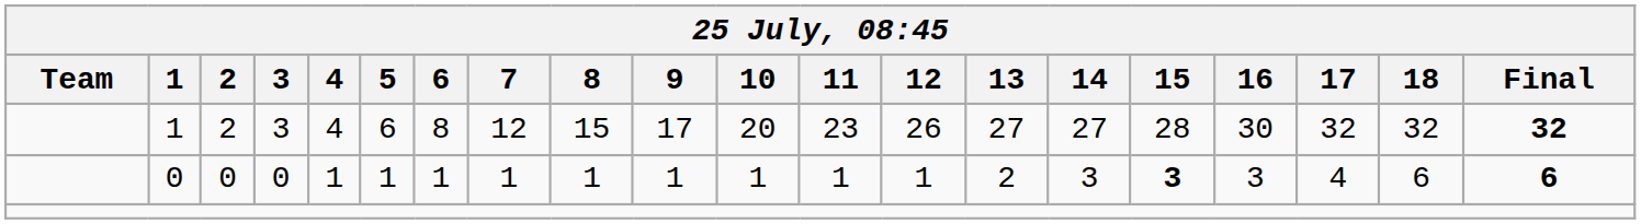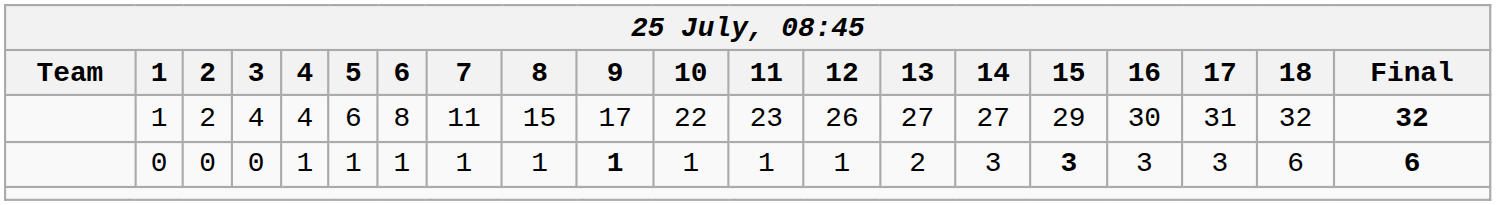 <table class=wikitable style="text-align:center; width: 55%">
 <tr>
 <th colspan=20><em>25 July, 08:45</em></th>
 </tr>
 <tr>
 <th>Team</th>
 <th>1</th>
 <th>2</th>
 <th>3</th>
 <th>4</th>
 <th>5</th>
 <th>6</th>
 <th>7</th>
 <th>8</th>
 <th>9</th>
 <th>10</th>
 <th>11</th>
 <th>12</th>
 <th>13</th>
 <th>14</th>
 <th>15</th>
 <th>16</th>
 <th>17</th>
 <th>18</th>
 <th>Final</th>
 </tr>
 <tr>
 <td align=left><strong></strong></td>
 <td>1</td>
 <td>2</td>
-<td>3</td>
+<td>4</td>
 <td>4</td>
 <td>6</td>
 <td>8</td>
-<td>12</td>
+<td>11</td>
 <td>15</td>
 <td>17</td>
-<td>20</td>
+<td>22</td>
 <td>23</td>
 <td>26</td>
 <td>27</td>
 <td>27</td>
-<td>28</td>
+<td>29</td>
 <td>30</td>
-<td>32</td>
+<td>31</td>
 <td>32</td>
 <td><strong>32</strong></td>
 </tr>
 <tr>
 <td align=left></td>
 <td>0</td>
 <td>0</td>
 <td>0</td>
 <td>1</td>
 <td>1</td>
 <td>1</td>
 <td>1</td>
 <td>1</td>
-<td>1</td>
+<td><strong>1</strong></td>
 <td>1</td>
 <td>1</td>
 <td>1</td>
 <td>2</td>
 <td>3</td>
 <td><strong>3</strong></td>
 <td>3</td>
-<td>4</td>
+<td>3</td>
 <td>6</td>
 <td><strong>6</strong></td>
 </tr>
 <tr>
 <td colspan=20></td>
 </tr>
 </table>
